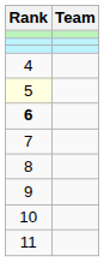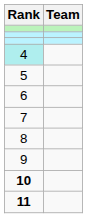 <table class="wikitable">
 <tr>
 <th>Rank</th>
 <th>Team</th>
 </tr>
 <tr bgcolor=bbf3bb>
 <td align=center></td>
 <td></td>
 </tr>
 <tr bgcolor=bbf3ff>
 <td align=center></td>
 <td></td>
 </tr>
 <tr bgcolor=bbf3ff>
 <td align=center></td>
 <td></td>
 </tr>
 <tr>
-<td align=center>4</td>
+<td align=center style="background: paleturquoise;">4</td>
 <td></td>
 </tr>
 <tr>
-<td align=center style="background: lightyellow;">5</td>
+<td align=center>5</td>
 <td></td>
 </tr>
 <tr>
-<td align=center><strong>6</strong></td>
+<td align=center>6</td>
 <td></td>
 </tr>
 <tr>
 <td align=center>7</td>
 <td></td>
 </tr>
 <tr>
 <td align=center>8</td>
 <td></td>
 </tr>
 <tr>
 <td align=center>9</td>
 <td></td>
 </tr>
 <tr>
-<td align=center>10</td>
+<td align=center><strong>10</strong></td>
 <td></td>
 </tr>
 <tr>
-<td align=center>11</td>
+<td align=center><strong>11</strong></td>
 <td></td>
 </tr>
 </table>
